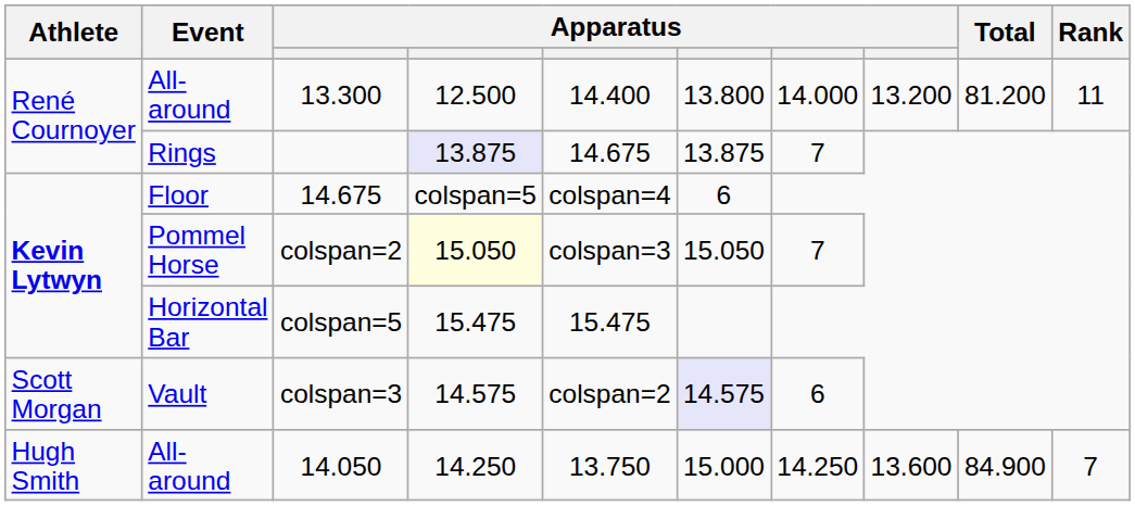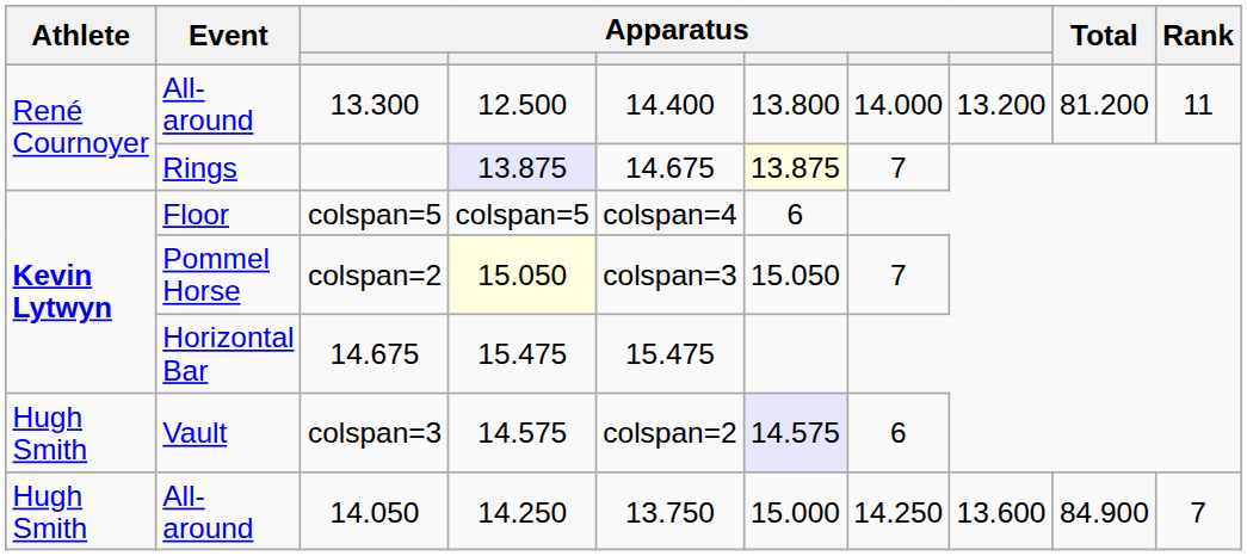 <table class="wikitable" style="font-size:90%">
 <tr>
 <th rowspan=2>Athlete</th>
 <th rowspan=2>Event</th>
 <th colspan=6>Apparatus</th>
 <th rowspan=2>Total</th>
 <th rowspan=2>Rank</th>
 </tr>
 <tr style="font-size:95%">
 <th></th>
 <th></th>
 <th></th>
 <th></th>
 <th></th>
 <th></th>
 </tr>
 <tr align=center>
 <td align=left rowspan=2><a href='#'>René Cournoyer</a></td>
 <td align=left><a href='#'>All-around</a></td>
 <td>13.300</td>
 <td>12.500</td>
 <td>14.400</td>
 <td>13.800</td>
 <td>14.000</td>
 <td>13.200</td>
 <td>81.200</td>
 <td>11</td>
 </tr>
 <tr align=center>
 <td align=left><a href='#'>Rings</a></td>
 <td></td>
 <td style="background: lavender;">13.875</td>
 <td>14.675</td>
-<td>13.875</td>
+<td style="background: lightyellow;">13.875</td>
 <td>7</td>
 </tr>
 <tr align=center>
 <td align=left rowspan=3><strong><a href='#'>Kevin Lytwyn</a></strong></td>
 <td align=left><a href='#'>Floor</a></td>
-<td>14.675</td>
+<td>colspan=5 </td>
 <td>colspan=5 </td>
 <td>colspan=4 </td>
 <td>6</td>
 </tr>
 <tr align=center>
 <td align=left><a href='#'>Pommel Horse</a></td>
 <td>colspan=2 </td>
 <td style="background: lightyellow;">15.050</td>
 <td>colspan=3 </td>
 <td>15.050</td>
 <td>7</td>
 </tr>
 <tr align=center>
 <td align=left><a href='#'>Horizontal Bar</a></td>
-<td>colspan=5 </td>
+<td>14.675</td>
 <td>15.475</td>
 <td>15.475</td>
 <td></td>
 </tr>
 <tr align=center>
-<td align=left><a href='#'>Scott Morgan</a></td>
+<td align=left><a href='#'>Hugh Smith</a></td>
 <td align=left><a href='#'>Vault</a></td>
 <td>colspan=3 </td>
 <td>14.575</td>
 <td>colspan=2 </td>
 <td style="background: lavender;">14.575</td>
 <td>6</td>
 </tr>
 <tr align=center>
 <td align=left><a href='#'>Hugh Smith</a></td>
 <td align=left><a href='#'>All-around</a></td>
 <td>14.050</td>
 <td>14.250</td>
 <td>13.750</td>
 <td>15.000</td>
 <td>14.250</td>
 <td>13.600</td>
 <td>84.900</td>
 <td>7</td>
 </tr>
 </table>
